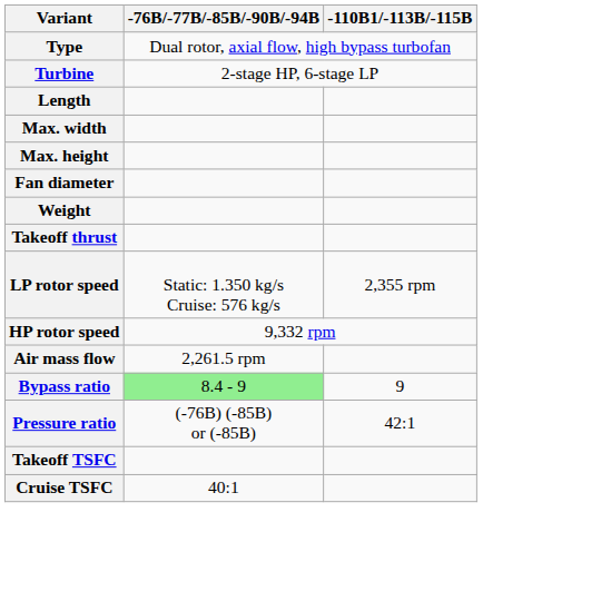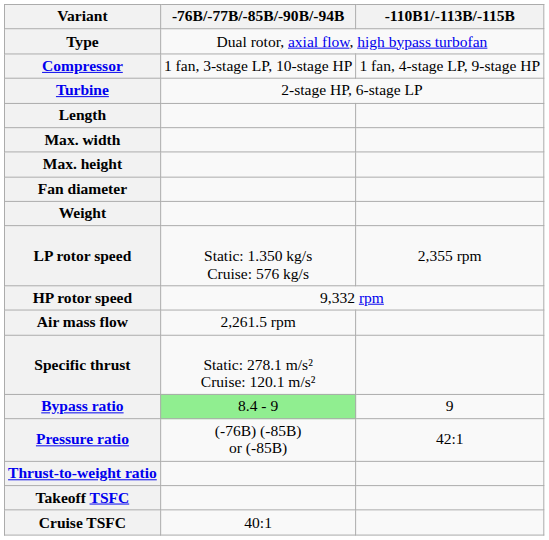 <table class="wikitable" style="text-align: center;">
 <tr>
 <th>Variant</th>
 <th>-76B/-77B/-85B/-90B/-94B</th>
 <th>-110B1/-113B/-115B</th>
 </tr>
 <tr>
 <th>Type</th>
 <td colspan=2>Dual rotor, <a href='#'>axial flow</a>, <a href='#'>high bypass turbofan</a></td>
+</tr>
+<tr>
+<th><a href='#'>Compressor</a></th>
+<td>1 fan, 3-stage LP, 10-stage HP</td>
+<td>1 fan, 4-stage LP, 9-stage HP</td>
 </tr>
 <tr>
 <th><a href='#'>Turbine</a></th>
 <td colspan=2>2-stage HP, 6-stage LP</td>
 </tr>
 <tr>
 <th>Length</th>
 <td></td>
 <td></td>
 </tr>
 <tr>
 <th>Max. width</th>
 <td></td>
 <td></td>
 </tr>
 <tr>
 <th>Max. height</th>
 <td></td>
 <td></td>
 </tr>
 <tr>
 <th>Fan diameter</th>
 <td></td>
 <td></td>
 </tr>
 <tr>
 <th>Weight</th>
 <td></td>
 <td></td>
 </tr>
 <tr>
-<th>Takeoff <a href='#'>thrust</a></th>
-<td></td>
-<td></td>
-</tr>
-<tr>
 <th>LP rotor speed</th>
 <td><br>Static: 1.350 kg/s<br> Cruise: 576 kg/s</td>
 <td>2,355 rpm</td>
 </tr>
 <tr>
 <th>HP rotor speed</th>
 <td colspan=2>9,332 <a href='#'>rpm</a></td>
 </tr>
 <tr>
 <th>Air mass flow</th>
 <td>2,261.5 rpm</td>
 </tr>
 <tr>
+<th>Specific thrust</th>
+<td><br>Static: 278.1 m/s²<br> Cruise: 120.1 m/s²</td>
+<td></td>
+</tr>
+<tr>
 <th><a href='#'>Bypass ratio</a></th>
 <td style="background: lightgreen;">8.4 - 9</td>
 <td>9</td>
 </tr>
 <tr>
 <th><a href='#'>Pressure ratio</a></th>
 <td> (-76B) (-85B)<br> or  (-85B)<br></td>
 <td>42:1</td>
+</tr>
+<tr>
+<th><a href='#'>Thrust-to-weight ratio</a></th>
+<td></td>
+<td></td>
 </tr>
 <tr>
 <th>Takeoff <a href='#'>TSFC</a></th>
 <td></td>
 <td></td>
 </tr>
 <tr>
 <th>Cruise TSFC</th>
 <td>40:1</td>
 <td></td>
 </tr>
 </table>
